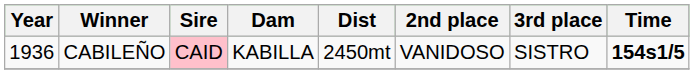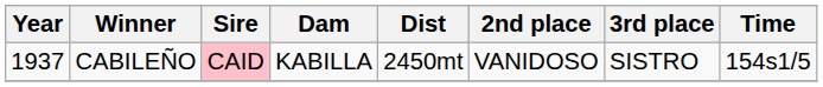 <table class = "sortable wikitable">
 <tr style="background:#7d7; text-align:center;">
 <th>Year</th>
 <th>Winner</th>
 <th>Sire</th>
 <th>Dam</th>
 <th style="white-space:nowrap">Dist</th>
 <th>2nd place</th>
 <th>3rd place</th>
 <th>Time</th>
 </tr>
 <tr>
-<td>1936</td>
+<td>1937</td>
 <td>CABILEÑO</td>
 <td style="background: pink;">CAID</td>
 <td>KABILLA</td>
 <td>2450mt</td>
 <td>VANIDOSO</td>
 <td>SISTRO</td>
-<td><strong>154s1/5</strong></td>
+<td>154s1/5</td>
 </tr>
 <tr>
 </tr>
 </table>
